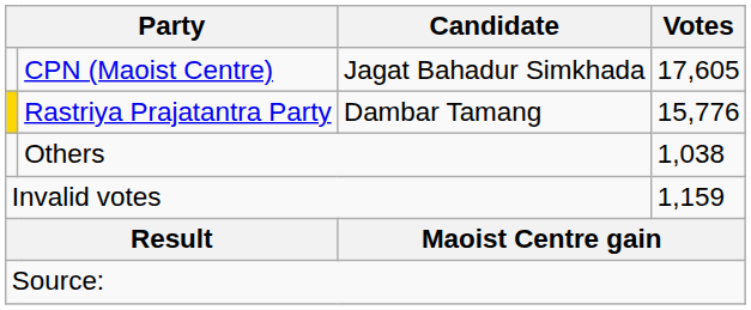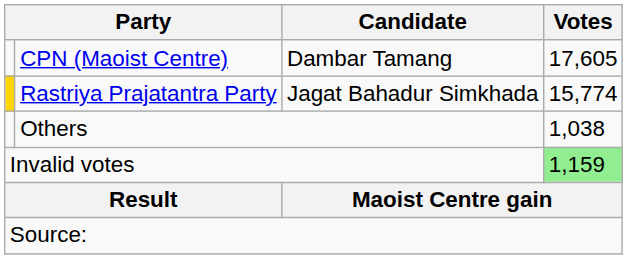 <table class="wikitable">
 <tr>
 <th colspan="2">Party</th>
 <th>Candidate</th>
 <th>Votes</th>
 </tr>
 <tr>
 <td style="background-color:"></td>
 <td><a href='#'>CPN (Maoist Centre)</a></td>
-<td>Jagat Bahadur Simkhada</td>
+<td>Dambar Tamang</td>
 <td>17,605</td>
 </tr>
 <tr>
 <td style="background-color:gold"></td>
 <td><a href='#'>Rastriya Prajatantra Party</a></td>
-<td>Dambar Tamang</td>
-<td>15,776</td>
+<td>Jagat Bahadur Simkhada</td>
+<td>15,774</td>
 </tr>
 <tr>
 <td></td>
 <td colspan="2">Others</td>
 <td>1,038</td>
 </tr>
 <tr>
 <td colspan="3">Invalid votes</td>
-<td>1,159</td>
+<td style="background: lightgreen;">1,159</td>
 </tr>
 <tr>
 <th colspan="2">Result</th>
 <th colspan="2">Maoist Centre gain</th>
 </tr>
 <tr>
 <td colspan="4">Source: </td>
 </tr>
 </table>
